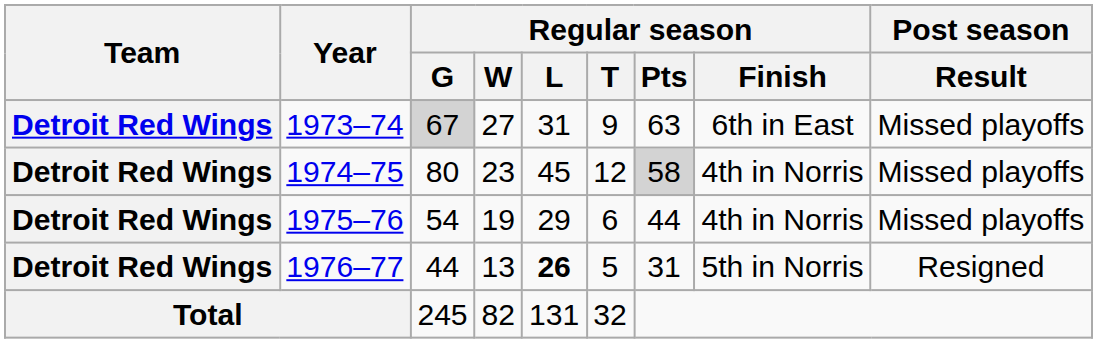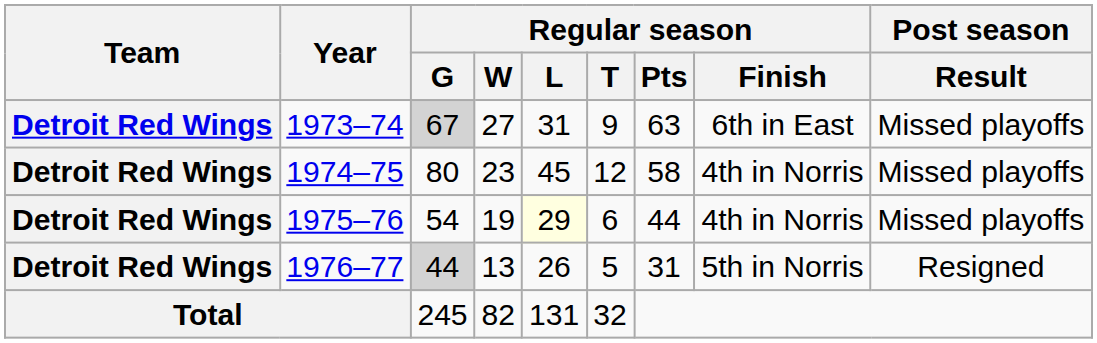 <table class="wikitable" style="font-size: 95%; text-align:center;">
 <tr>
 <th rowspan="2">Team</th>
 <th rowspan="2">Year</th>
 <th colspan="6">Regular season</th>
 <th colspan="1">Post season</th>
 </tr>
 <tr>
 <th>G</th>
 <th>W</th>
 <th>L</th>
 <th>T</th>
 <th>Pts</th>
 <th>Finish</th>
 <th>Result</th>
 </tr>
 <tr>
 <th><a href='#'>Detroit Red Wings</a></th>
 <td><a href='#'>1973–74</a></td>
 <td style="background: lightgrey;">67</td>
 <td>27</td>
 <td>31</td>
 <td>9</td>
 <td>63</td>
 <td>6th in East</td>
 <td>Missed playoffs</td>
 </tr>
 <tr>
 <th>Detroit Red Wings</th>
 <td><a href='#'>1974–75</a></td>
 <td>80</td>
 <td>23</td>
 <td>45</td>
 <td>12</td>
-<td style="background: lightgrey;">58</td>
+<td>58</td>
 <td>4th in Norris</td>
 <td>Missed playoffs</td>
 </tr>
 <tr>
 <th>Detroit Red Wings</th>
 <td><a href='#'>1975–76</a></td>
 <td>54</td>
 <td>19</td>
-<td>29</td>
+<td style="background: lightyellow;">29</td>
 <td>6</td>
 <td>44</td>
 <td>4th in Norris</td>
 <td>Missed playoffs</td>
 </tr>
 <tr>
 <th>Detroit Red Wings</th>
 <td><a href='#'>1976–77</a></td>
-<td>44</td>
+<td style="background: lightgrey;">44</td>
 <td>13</td>
-<td><strong>26</strong></td>
+<td>26</td>
 <td>5</td>
 <td>31</td>
 <td>5th in Norris</td>
 <td>Resigned</td>
 </tr>
 <tr>
 <th colspan="2">Total</th>
 <td>245</td>
 <td>82</td>
 <td>131</td>
 <td>32</td>
 </tr>
 </table>
